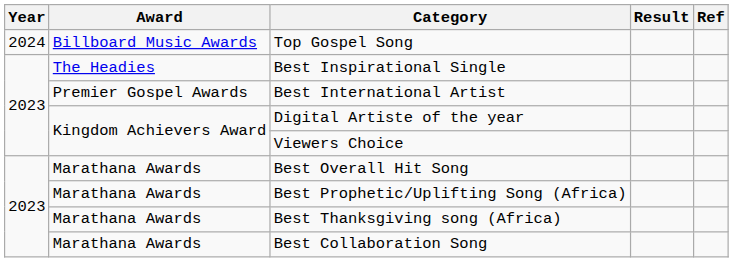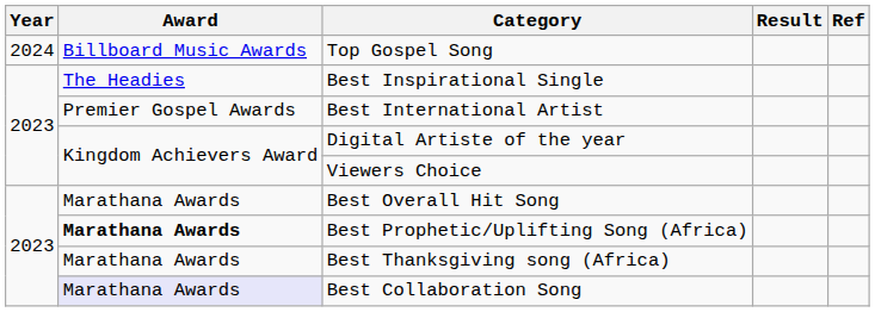 <table class="wikitable">
 <tr>
 <th>Year</th>
 <th>Award</th>
 <th>Category</th>
 <th>Result</th>
 <th>Ref</th>
 </tr>
 <tr>
 <td>2024</td>
 <td><a href='#'>Billboard Music Awards</a></td>
 <td>Top Gospel Song</td>
 <td></td>
 <td></td>
 </tr>
 <tr>
 <td rowspan="4">2023</td>
 <td><a href='#'>The Headies</a></td>
 <td>Best Inspirational Single</td>
 <td></td>
 <td></td>
 </tr>
 <tr>
 <td>Premier Gospel Awards</td>
 <td>Best International Artist</td>
 <td></td>
 <td></td>
 </tr>
 <tr>
 <td rowspan="2">Kingdom Achievers Award</td>
 <td>Digital Artiste of the year</td>
 <td></td>
 <td></td>
 </tr>
 <tr>
 <td>Viewers Choice</td>
 <td></td>
 <td></td>
 </tr>
 <tr>
 <td rowspan="4">2023</td>
 <td>Marathana Awards</td>
 <td>Best Overall Hit Song</td>
 <td></td>
 <td></td>
 </tr>
 <tr>
-<td>Marathana Awards</td>
+<td><strong>Marathana Awards</strong></td>
 <td>Best Prophetic/Uplifting Song (Africa)</td>
 <td></td>
 <td></td>
 </tr>
 <tr>
 <td>Marathana Awards</td>
 <td>Best Thanksgiving song (Africa)</td>
 <td></td>
 <td></td>
 </tr>
 <tr>
-<td>Marathana Awards</td>
+<td style="background: lavender;">Marathana Awards</td>
 <td>Best Collaboration Song</td>
 <td></td>
 <td></td>
 </tr>
 </table>
